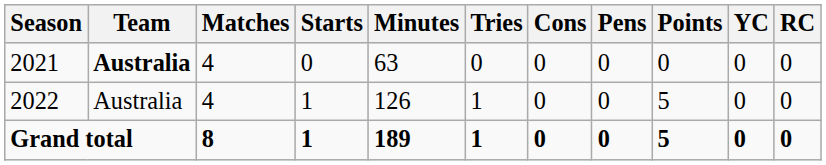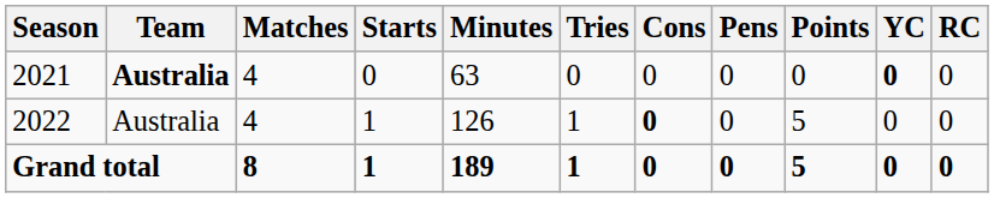 <table class="wikitable">
 <tr>
 <th>Season</th>
 <th>Team</th>
 <th>Matches</th>
 <th>Starts</th>
 <th>Minutes</th>
 <th>Tries</th>
 <th>Cons</th>
 <th>Pens</th>
 <th>Points</th>
 <th>YC</th>
 <th>RC</th>
 </tr>
 <tr>
 <td>2021</td>
 <td><strong>Australia</strong></td>
 <td>4</td>
 <td>0</td>
 <td>63</td>
 <td>0</td>
 <td>0</td>
 <td>0</td>
 <td>0</td>
-<td>0</td>
+<td><strong>0</strong></td>
 <td>0</td>
 </tr>
 <tr>
 <td>2022</td>
 <td>Australia</td>
 <td>4</td>
 <td>1</td>
 <td>126</td>
 <td>1</td>
-<td>0</td>
+<td><strong>0</strong></td>
 <td>0</td>
 <td>5</td>
 <td>0</td>
 <td>0</td>
 </tr>
 <tr>
 <td colspan="2" rowspan="1"><strong>Grand total</strong></td>
 <td><strong>8</strong></td>
 <td><strong>1</strong></td>
 <td><strong>189</strong></td>
 <td><strong>1</strong></td>
 <td><strong>0</strong></td>
 <td><strong>0</strong></td>
 <td><strong>5</strong></td>
 <td><strong>0</strong></td>
 <td><strong>0</strong></td>
 </tr>
 </table>
